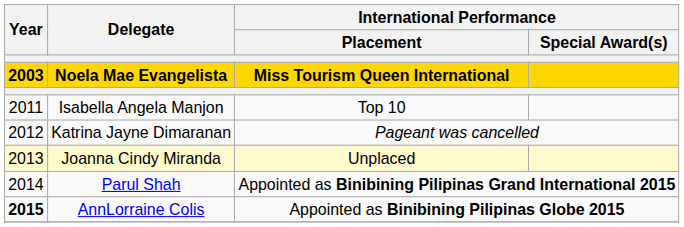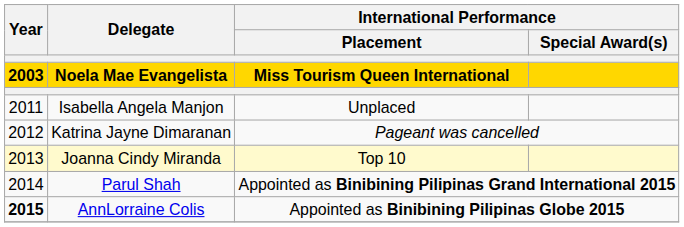 <table class="wikitable" style="text-align:center; font-size: 95%;">
 <tr>
 <th rowspan="2">Year</th>
 <th rowspan="2">Delegate</th>
 <th colspan="2">International Performance</th>
 </tr>
 <tr>
 <th>Placement</th>
 <th>Special Award(s)</th>
 </tr>
 <tr>
 <th colspan="4"></th>
 </tr>
 <tr style="background-color:gold; font-weight:bold">
 <td>2003</td>
 <td>Noela Mae Evangelista</td>
 <td>Miss Tourism Queen International</td>
 <td></td>
 </tr>
 <tr>
 <th colspan="4"></th>
 </tr>
 <tr>
 <td>2011</td>
 <td>Isabella Angela Manjon</td>
-<td>Top 10</td>
+<td>Unplaced</td>
 <td></td>
 </tr>
 <tr>
 <td>2012</td>
 <td>Katrina Jayne Dimaranan</td>
 <td colspan="2"><em>Pageant was cancelled</em></td>
 </tr>
 <tr style="background-color:#FFFACD">
 <td>2013</td>
 <td>Joanna Cindy Miranda</td>
-<td>Unplaced</td>
+<td>Top 10</td>
 <td></td>
 </tr>
 <tr>
 <td>2014</td>
 <td><a href='#'>Parul Shah</a></td>
 <td colspan="2">Appointed as <strong>Binibining Pilipinas Grand International 2015</strong></td>
 </tr>
 <tr>
 <td><strong>2015</strong></td>
 <td><a href='#'>AnnLorraine Colis</a></td>
 <td colspan="2">Appointed as <strong>Binibining Pilipinas Globe 2015</strong></td>
 </tr>
 <tr>
 </tr>
 </table>
